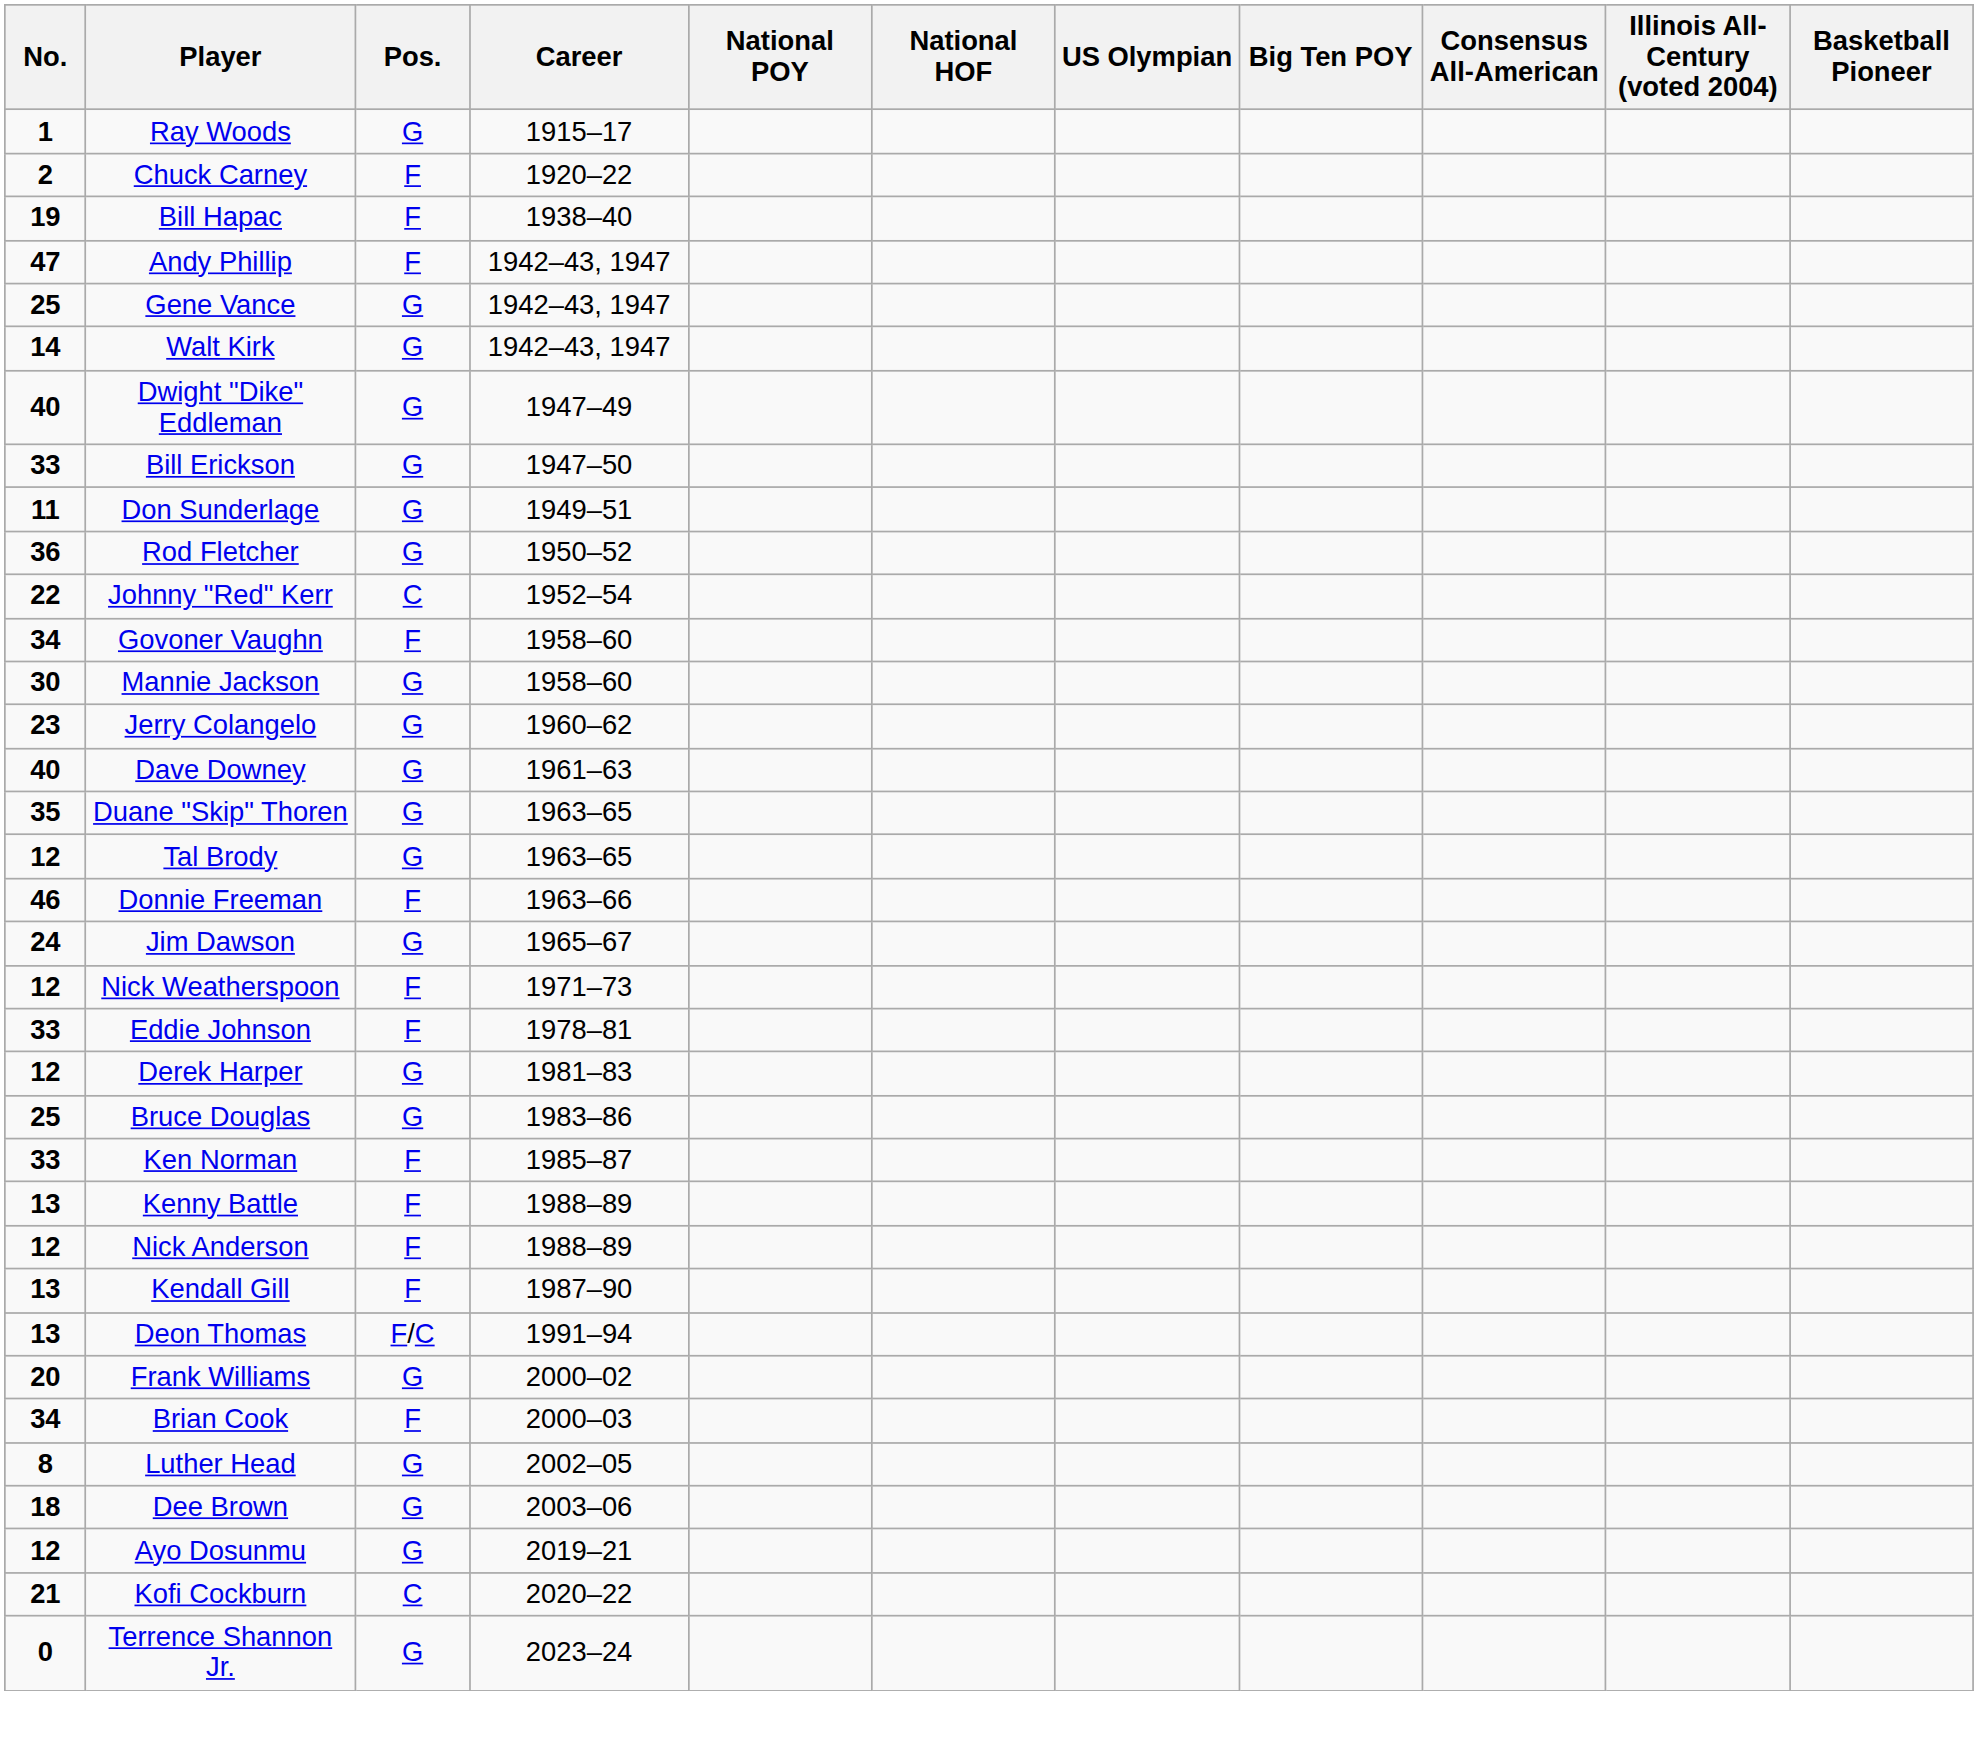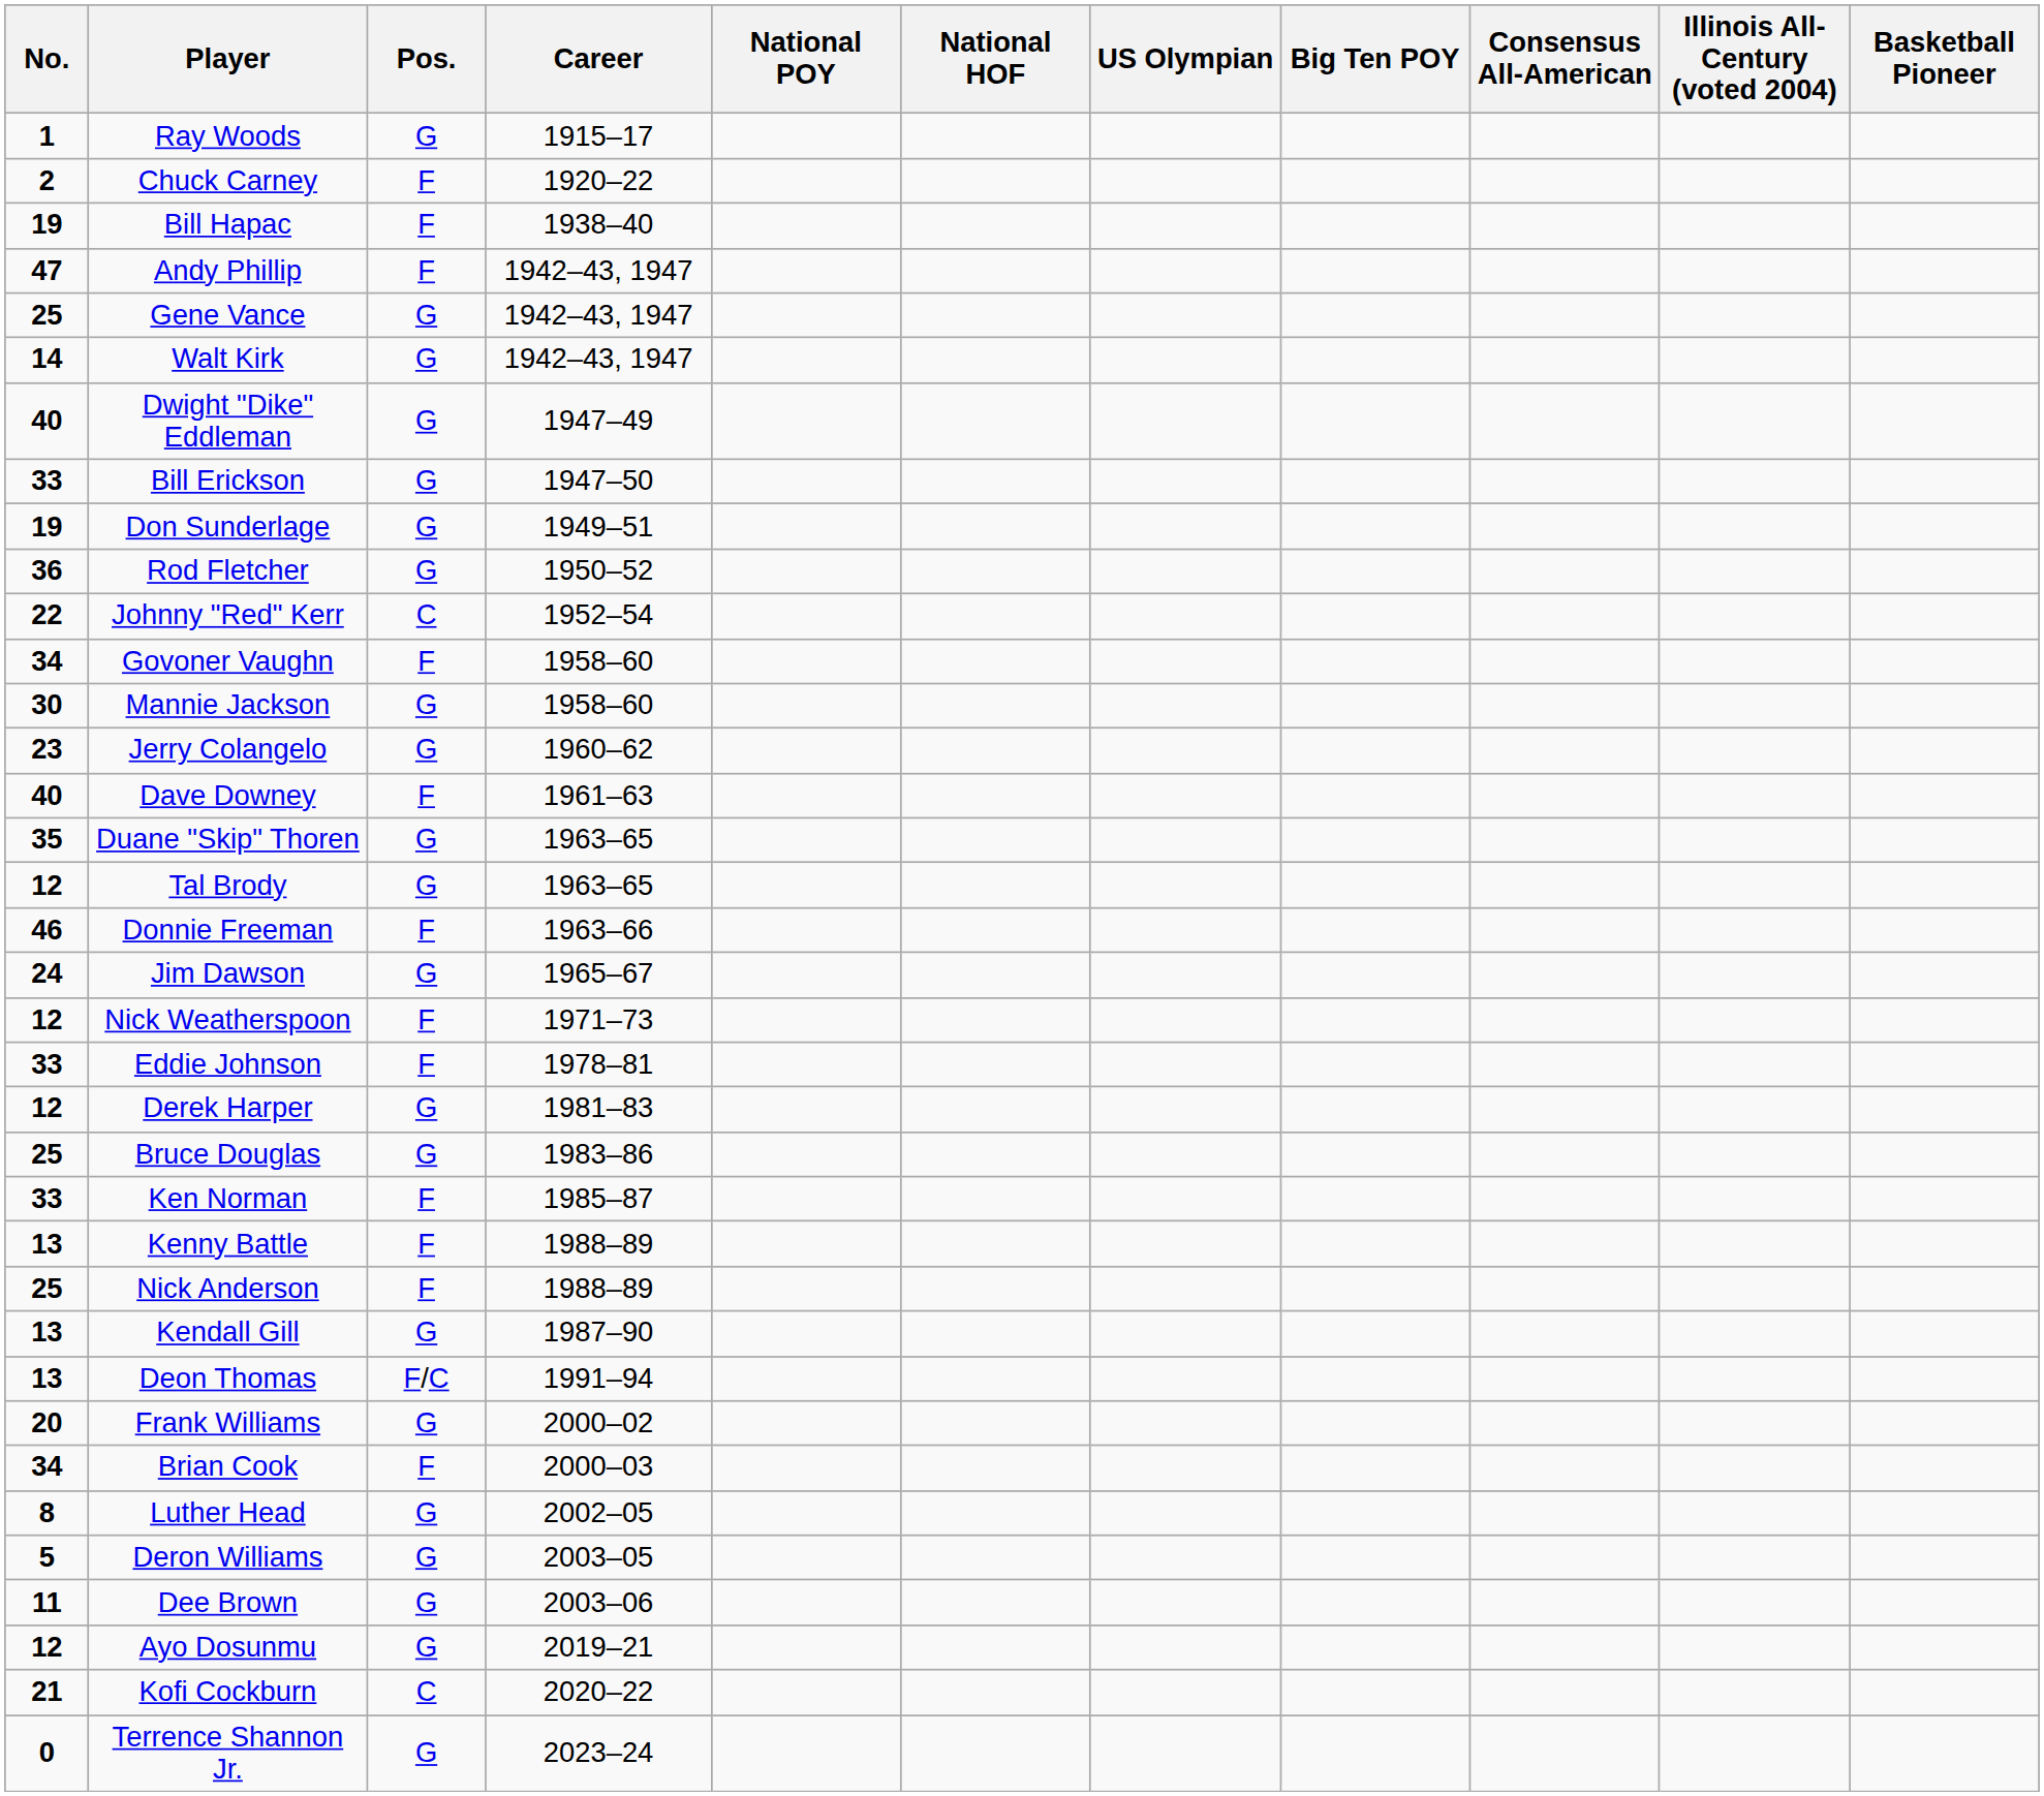 <table class="wikitable sortable" style="text-align:center">
 <tr>
 <th width=40px>No.</th>
 <th width=150px>Player</th>
 <th width=60px>Pos.</th>
 <th width=120px>Career</th>
 <th width=100px>National POY</th>
 <th width=100px>National HOF</th>
 <th width=100px>US Olympian</th>
 <th width=100px>Big Ten POY</th>
 <th width=100px>Consensus All-American</th>
 <th width=100px>Illinois All-Century (voted 2004)</th>
 <th width=100px>Basketball Pioneer</th>
 </tr>
 <tr>
 <td><strong>1</strong></td>
 <td><a href='#'>Ray Woods</a></td>
 <td><a href='#'>G</a></td>
 <td>1915–17</td>
 <td></td>
 <td> </td>
 <td> </td>
 <td> </td>
 <td> </td>
 <td></td>
 <td> </td>
 </tr>
 <tr>
 <td><strong>2</strong></td>
 <td><a href='#'>Chuck Carney</a></td>
 <td><a href='#'>F</a></td>
 <td>1920–22</td>
 <td></td>
 <td> </td>
 <td> </td>
 <td> </td>
 <td> </td>
 <td></td>
 <td> </td>
 </tr>
 <tr>
 <td><strong>19</strong></td>
 <td><a href='#'>Bill Hapac</a></td>
 <td><a href='#'>F</a></td>
 <td>1938–40</td>
 <td> </td>
 <td> </td>
 <td> </td>
 <td> </td>
 <td></td>
 <td> </td>
 <td> </td>
 </tr>
 <tr>
 <td><strong>47</strong></td>
 <td><a href='#'>Andy Phillip</a></td>
 <td><a href='#'>F</a></td>
 <td>1942–43, 1947</td>
 <td></td>
 <td></td>
 <td> </td>
 <td></td>
 <td> </td>
 <td></td>
 <td> </td>
 </tr>
 <tr>
 <td><strong>25</strong></td>
 <td><a href='#'>Gene Vance</a></td>
 <td><a href='#'>G</a></td>
 <td>1942–43, 1947</td>
 <td> </td>
 <td> </td>
 <td> </td>
 <td> </td>
 <td> </td>
 <td></td>
 <td> </td>
 </tr>
 <tr>
 <td><strong>14</strong></td>
 <td><a href='#'>Walt Kirk</a></td>
 <td><a href='#'>G</a></td>
 <td>1942–43, 1947</td>
 <td> </td>
 <td> </td>
 <td> </td>
 <td> </td>
 <td></td>
 <td> </td>
 <td> </td>
 </tr>
 <tr>
 <td><strong>40</strong></td>
 <td><a href='#'>Dwight "Dike" Eddleman</a></td>
 <td><a href='#'>G</a></td>
 <td>1947–49</td>
 <td> </td>
 <td> </td>
 <td></td>
 <td></td>
 <td> </td>
 <td></td>
 <td> </td>
 </tr>
 <tr>
 <td><strong>33</strong></td>
 <td><a href='#'>Bill Erickson</a></td>
 <td><a href='#'>G</a></td>
 <td>1947–50</td>
 <td> </td>
 <td> </td>
 <td> </td>
 <td> </td>
 <td></td>
 <td> </td>
 <td> </td>
 </tr>
 <tr>
-<td><strong>11</strong></td>
+<td><strong>19</strong></td>
 <td><a href='#'>Don Sunderlage</a></td>
 <td><a href='#'>G</a></td>
 <td>1949–51</td>
 <td> </td>
 <td> </td>
 <td> </td>
 <td></td>
 <td> </td>
 <td> </td>
 <td> </td>
 </tr>
 <tr>
 <td><strong>36</strong></td>
 <td><a href='#'>Rod Fletcher</a></td>
 <td><a href='#'>G</a></td>
 <td>1950–52</td>
 <td> </td>
 <td> </td>
 <td> </td>
 <td></td>
 <td> </td>
 <td> </td>
 <td> </td>
 </tr>
 <tr>
 <td><strong>22</strong></td>
 <td><a href='#'>Johnny "Red" Kerr</a></td>
 <td><a href='#'>C</a></td>
 <td>1952–54</td>
 <td> </td>
 <td> </td>
 <td> </td>
 <td></td>
 <td> </td>
 <td></td>
 <td> </td>
 </tr>
 <tr>
 <td><strong>34</strong></td>
 <td><a href='#'>Govoner Vaughn</a></td>
 <td><a href='#'>F</a></td>
 <td>1958–60</td>
 <td> </td>
 <td> </td>
 <td> </td>
 <td> </td>
 <td> </td>
 <td> </td>
 <td></td>
 </tr>
 <tr>
 <td><strong>30</strong></td>
 <td><a href='#'>Mannie Jackson</a></td>
 <td><a href='#'>G</a></td>
 <td>1958–60</td>
 <td> </td>
 <td></td>
 <td> </td>
 <td> </td>
 <td> </td>
 <td> </td>
 <td></td>
 </tr>
 <tr>
 <td><strong>23</strong></td>
 <td><a href='#'>Jerry Colangelo</a></td>
 <td><a href='#'>G</a></td>
 <td>1960–62</td>
 <td> </td>
 <td></td>
 <td> </td>
 <td> </td>
 <td> </td>
 <td> </td>
 <td> </td>
 </tr>
 <tr>
 <td><strong>40</strong></td>
 <td><a href='#'>Dave Downey</a></td>
-<td><a href='#'>G</a></td>
+<td><a href='#'>F</a></td>
 <td>1961–63</td>
 <td> </td>
 <td> </td>
 <td> </td>
 <td> </td>
 <td> </td>
 <td></td>
 <td> </td>
 </tr>
 <tr>
 <td><strong>35</strong></td>
 <td><a href='#'>Duane "Skip" Thoren</a></td>
 <td><a href='#'>G</a></td>
 <td>1963–65</td>
 <td> </td>
 <td> </td>
 <td> </td>
 <td> </td>
 <td> </td>
 <td></td>
 <td> </td>
 </tr>
 <tr>
 <td><strong>12</strong></td>
 <td><a href='#'>Tal Brody</a></td>
 <td><a href='#'>G</a></td>
 <td>1963–65</td>
 <td> </td>
 <td> </td>
 <td> </td>
 <td> </td>
 <td> </td>
 <td> </td>
 <td></td>
 </tr>
 <tr>
 <td><strong>46</strong></td>
 <td><a href='#'>Donnie Freeman</a></td>
 <td><a href='#'>F</a></td>
 <td>1963–66</td>
 <td> </td>
 <td> </td>
 <td> </td>
 <td> </td>
 <td></td>
 <td> </td>
 <td></td>
 </tr>
 <tr>
 <td><strong>24</strong></td>
 <td><a href='#'>Jim Dawson</a></td>
 <td><a href='#'>G</a></td>
 <td>1965–67</td>
 <td> </td>
 <td> </td>
 <td> </td>
 <td></td>
 <td> </td>
 <td> </td>
 <td> </td>
 </tr>
 <tr>
 <td><strong>12</strong></td>
 <td><a href='#'>Nick Weatherspoon</a></td>
 <td><a href='#'>F</a></td>
 <td>1971–73</td>
 <td> </td>
 <td> </td>
 <td> </td>
 <td> </td>
 <td> </td>
 <td></td>
 <td> </td>
 </tr>
 <tr>
 <td><strong>33</strong></td>
 <td><a href='#'>Eddie Johnson</a></td>
 <td><a href='#'>F</a></td>
 <td>1978–81</td>
 <td> </td>
 <td> </td>
 <td> </td>
 <td> </td>
 <td> </td>
 <td></td>
 <td> </td>
 </tr>
 <tr>
 <td><strong>12</strong></td>
 <td><a href='#'>Derek Harper</a></td>
 <td><a href='#'>G</a></td>
 <td>1981–83</td>
 <td> </td>
 <td> </td>
 <td> </td>
 <td> </td>
 <td> </td>
 <td></td>
 <td> </td>
 </tr>
 <tr>
 <td><strong>25</strong></td>
 <td><a href='#'>Bruce Douglas</a></td>
 <td><a href='#'>G</a></td>
 <td>1983–86</td>
 <td> </td>
 <td> </td>
 <td> </td>
 <td> </td>
 <td> </td>
 <td></td>
 <td> </td>
 </tr>
 <tr>
 <td><strong>33</strong></td>
 <td><a href='#'>Ken Norman</a></td>
 <td><a href='#'>F</a></td>
 <td>1985–87</td>
 <td> </td>
 <td> </td>
 <td> </td>
 <td> </td>
 <td></td>
 <td></td>
 <td> </td>
 </tr>
 <tr>
 <td><strong>13</strong></td>
 <td><a href='#'>Kenny Battle</a></td>
 <td><a href='#'>F</a></td>
 <td>1988–89</td>
 <td> </td>
 <td> </td>
 <td> </td>
 <td> </td>
 <td> </td>
 <td></td>
 <td> </td>
 </tr>
 <tr>
-<td><strong>12</strong></td>
+<td><strong>25</strong></td>
 <td><a href='#'>Nick Anderson</a></td>
 <td><a href='#'>F</a></td>
 <td>1988–89</td>
 <td> </td>
 <td> </td>
 <td> </td>
 <td> </td>
 <td> </td>
 <td></td>
 <td> </td>
 </tr>
 <tr>
 <td><strong>13</strong></td>
 <td><a href='#'>Kendall Gill</a></td>
-<td><a href='#'>F</a></td>
+<td><a href='#'>G</a></td>
 <td>1987–90</td>
 <td> </td>
 <td> </td>
 <td> </td>
 <td> </td>
 <td></td>
 <td></td>
 <td> </td>
 </tr>
 <tr>
 <td><strong>13</strong></td>
 <td><a href='#'>Deon Thomas</a></td>
 <td><a href='#'>F</a>/<a href='#'>C</a></td>
 <td>1991–94</td>
 <td> </td>
 <td> </td>
 <td> </td>
 <td> </td>
 <td> </td>
 <td></td>
 <td> </td>
 </tr>
 <tr>
 <td><strong>20</strong></td>
 <td><a href='#'>Frank Williams</a></td>
 <td><a href='#'>G</a></td>
 <td>2000–02</td>
 <td> </td>
 <td> </td>
 <td> </td>
 <td></td>
 <td> </td>
 <td></td>
 <td> </td>
 </tr>
 <tr>
 <td><strong>34</strong></td>
 <td><a href='#'>Brian Cook</a></td>
 <td><a href='#'>F</a></td>
 <td>2000–03</td>
 <td> </td>
 <td> </td>
 <td> </td>
 <td></td>
 <td> </td>
 <td></td>
 <td> </td>
 </tr>
 <tr>
 <td><strong>8</strong></td>
 <td><a href='#'>Luther Head</a></td>
 <td><a href='#'>G</a></td>
 <td>2002–05</td>
 <td> </td>
 <td> </td>
 <td> </td>
 <td> </td>
 <td></td>
 <td> </td>
 <td> </td>
 </tr>
 <tr>
-<td><strong>18</strong></td>
+<td><strong>5</strong></td>
+<td><a href='#'>Deron Williams</a></td>
+<td><a href='#'>G</a></td>
+<td>2003–05</td>
+<td> </td>
+<td> </td>
+<td></td>
+<td> </td>
+<td></td>
+<td> </td>
+<td> </td>
+</tr>
+<tr>
+<td><strong>11</strong></td>
 <td><a href='#'>Dee Brown</a></td>
 <td><a href='#'>G</a></td>
 <td>2003–06</td>
 <td></td>
 <td> </td>
 <td> </td>
 <td></td>
 <td></td>
 <td> </td>
 <td> </td>
 </tr>
 <tr>
 <td><strong>12</strong></td>
 <td><a href='#'>Ayo Dosunmu</a></td>
 <td><a href='#'>G</a></td>
 <td>2019–21</td>
 <td> </td>
 <td> </td>
 <td> </td>
 <td> </td>
 <td></td>
 <td> </td>
 <td> </td>
 </tr>
 <tr>
 <td><strong>21</strong></td>
 <td><a href='#'>Kofi Cockburn</a></td>
 <td><a href='#'>C</a></td>
 <td>2020–22</td>
 <td> </td>
 <td> </td>
 <td> </td>
 <td> </td>
 <td></td>
 <td> </td>
 <td> </td>
 </tr>
 <tr>
 <td><strong>0</strong></td>
 <td><a href='#'>Terrence Shannon Jr.</a></td>
 <td><a href='#'>G</a></td>
 <td>2023–24</td>
 <td> </td>
 <td> </td>
 <td> </td>
 <td> </td>
 <td> </td>
 <td> </td>
 <td> </td>
 </tr>
 </table>
